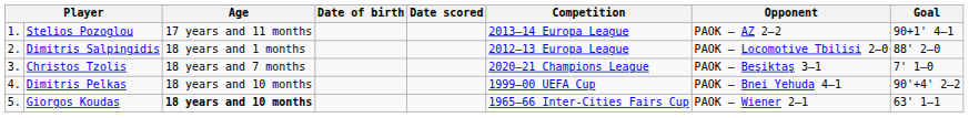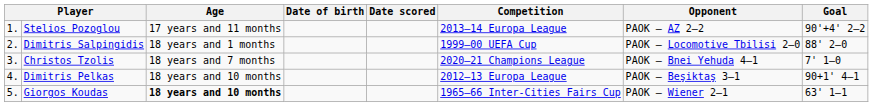 <table class="wikitable" style="text-align: left; font-size:95%">
 <tr>
 <th colspan=2>Player</th>
 <th>Age</th>
 <th>Date of birth</th>
 <th>Date scored</th>
 <th>Competition</th>
 <th>Opponent</th>
 <th>Goal</th>
 </tr>
 <tr>
 <td>1.</td>
 <td> <a href='#'>Stelios Pozoglou</a></td>
 <td>17 years and 11 months</td>
 <td></td>
 <td></td>
 <td><a href='#'>2013–14 Europa League</a></td>
 <td>PAOK – <a href='#'>AZ</a>  2–2</td>
-<td>90+1' 4–1</td>
+<td>90'+4' 2–2</td>
 </tr>
 <tr>
 <td>2.</td>
 <td> <a href='#'>Dimitris Salpingidis</a></td>
 <td>18 years and 1 months</td>
 <td></td>
 <td></td>
-<td><a href='#'>2012–13 Europa League</a></td>
+<td><a href='#'>1999–00 UEFA Cup</a></td>
 <td>PAOK – <a href='#'>Locomotive Tbilisi</a>  2–0</td>
 <td>88' 2–0</td>
 </tr>
 <tr>
 <td>3.</td>
 <td> <a href='#'>Christos Tzolis</a></td>
 <td>18 years and 7 months</td>
 <td></td>
 <td></td>
 <td><a href='#'>2020–21 Champions League</a></td>
-<td>PAOK – <a href='#'>Beşiktaş</a>  3–1</td>
+<td>PAOK – <a href='#'>Bnei Yehuda</a>  4–1</td>
 <td>7' 1–0</td>
 </tr>
 <tr>
 <td>4.</td>
 <td> <a href='#'>Dimitris Pelkas</a></td>
 <td>18 years and 10 months</td>
 <td></td>
 <td></td>
-<td><a href='#'>1999–00 UEFA Cup</a></td>
-<td>PAOK – <a href='#'>Bnei Yehuda</a>  4–1</td>
-<td>90'+4' 2–2</td>
+<td><a href='#'>2012–13 Europa League</a></td>
+<td>PAOK – <a href='#'>Beşiktaş</a>  3–1</td>
+<td>90+1' 4–1</td>
 </tr>
 <tr>
 <td>5.</td>
 <td> <a href='#'>Giorgos Koudas</a></td>
 <td><strong>18 years and 10 months</strong></td>
 <td></td>
 <td></td>
 <td><a href='#'>1965–66 Inter-Cities Fairs Cup</a></td>
 <td>PAOK – <a href='#'>Wiener</a> 2–1</td>
 <td>63' 1–1</td>
 </tr>
 </table>
